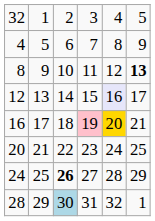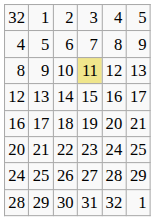 <table class="wikitable" style="text-align:right">
 <tr>
 <td>32</td>
 <td>1</td>
 <td>2</td>
 <td>3</td>
 <td>4</td>
 <td>5</td>
 </tr>
 <tr>
 <td>4</td>
 <td>5</td>
 <td>6</td>
 <td>7</td>
 <td>8</td>
 <td>9</td>
 </tr>
 <tr>
 <td>8</td>
 <td>9</td>
 <td>10</td>
-<td>11</td>
+<td style="background: khaki;">11</td>
 <td>12</td>
-<td><strong>13</strong></td>
+<td>13</td>
 </tr>
 <tr>
 <td>12</td>
 <td>13</td>
 <td>14</td>
 <td>15</td>
-<td style="background: lavender;">16</td>
+<td>16</td>
 <td>17</td>
 </tr>
 <tr>
 <td>16</td>
 <td>17</td>
 <td>18</td>
-<td style="background: pink;">19</td>
-<td style="background: gold;">20</td>
+<td>19</td>
+<td>20</td>
 <td>21</td>
 </tr>
 <tr>
 <td>20</td>
 <td>21</td>
 <td>22</td>
 <td>23</td>
 <td>24</td>
 <td>25</td>
 </tr>
 <tr>
 <td>24</td>
 <td>25</td>
-<td><strong>26</strong></td>
+<td>26</td>
 <td>27</td>
 <td>28</td>
 <td>29</td>
 </tr>
 <tr>
 <td>28</td>
 <td>29</td>
-<td style="background: lightblue;">30</td>
+<td>30</td>
 <td>31</td>
 <td>32</td>
 <td>1</td>
 </tr>
 </table>
